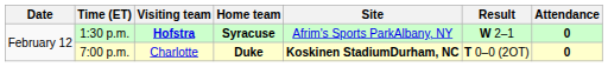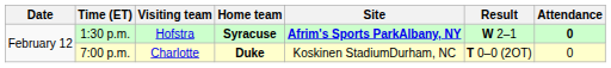 <table class="wikitable" style="font-size:95%; text-align: center;">
 <tr>
 <th>Date</th>
 <th>Time (ET)</th>
 <th>Visiting team</th>
 <th>Home team</th>
 <th>Site</th>
 <th>Result</th>
 <th>Attendance</th>
 </tr>
 <tr>
 <td rowspan=2>February 12</td>
 <td style="background:#cfc;">1:30 p.m.</td>
-<td style="background:#cfc;"><strong><a href='#'>Hofstra</a></strong></td>
+<td style="background:#cfc;"><a href='#'>Hofstra</a></td>
 <td style="background:#cfc;"><strong>Syracuse</strong></td>
-<td style="background:#cfc;"><a href='#'>Afrim's Sports Park</a><a href='#'>Albany, NY</a></td>
+<td style="background:#cfc;"><strong><a href='#'>Afrim's Sports Park</a><a href='#'>Albany, NY</a></strong></td>
 <td style="background:#cfc;"><strong>W</strong> 2–1</td>
 <td style="background:#cfc;"><strong>0</strong></td>
 </tr>
 <tr>
 <td style="background:#ffc;">7:00 p.m.</td>
 <td style="background:#ffc;"><a href='#'>Charlotte</a></td>
 <td style="background:#ffc;"><strong>Duke</strong></td>
-<td style="background:#ffc;"><strong>Koskinen StadiumDurham, NC</strong></td>
+<td style="background:#ffc;">Koskinen StadiumDurham, NC</td>
 <td style="background:#ffc;"><strong>T</strong> 0–0 (2OT)</td>
-<td style="background:#ffc;"><strong>0</strong></td>
+<td style="background:#ffc;">0</td>
 </tr>
 </table>
